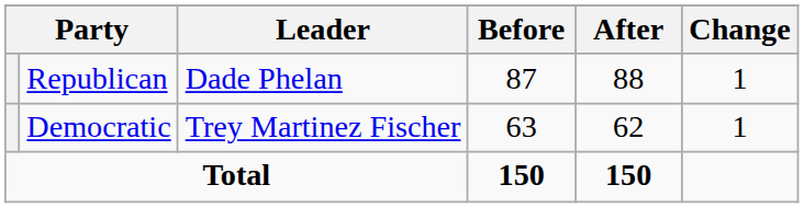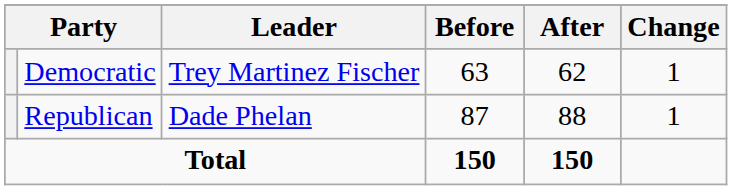 <table class="wikitable" style="text-align:center;">
 <tr>
 </tr>
 <tr>
 <th colspan="2">Party</th>
 <th>Leader</th>
 <th style="width:3em">Before</th>
 <th style="width:3em">After</th>
 <th style="width:3em">Change</th>
 </tr>
 <tr>
 <th style="background-color:"></th>
+<td style="text-align:left;"><a href='#'>Democratic</a></td>
+<td style="text-align:left;"><a href='#'>Trey Martinez Fischer</a></td>
+<td>63</td>
+<td>62</td>
+<td> 1</td>
+</tr>
+<tr>
+<th style="background-color:"></th>
 <td style="text-align:left;"><a href='#'>Republican</a></td>
 <td style="text-align:left;"><a href='#'>Dade Phelan</a></td>
 <td>87</td>
 <td>88</td>
-<td> 1</td>
-</tr>
-<tr>
-<th style="background-color:"></th>
-<td style="text-align:left;"><a href='#'>Democratic</a></td>
-<td style="text-align:left;"><a href='#'>Trey Martinez Fischer</a></td>
-<td>63</td>
-<td>62</td>
 <td> 1</td>
 </tr>
 <tr>
 <td colspan="3"><strong>Total</strong></td>
 <td><strong>150</strong></td>
 <td><strong>150</strong></td>
 <td></td>
 </tr>
 </table>
